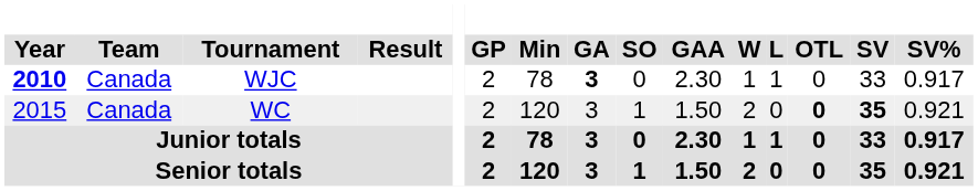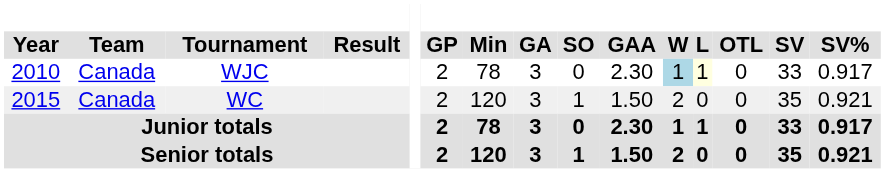 <table border="0" cellpadding="1" cellspacing="0" style="text-align:center; width:40em">
 <tr style="background:#e0e0e0;">
 <th colspan="4" style="background:#fff;"> </th>
 <th rowspan="99" style="background:#fff;"> </th>
 </tr>
 <tr style="background:#e0e0e0;">
 <th>Year</th>
 <th>Team</th>
 <th>Tournament</th>
 <th>Result</th>
 <th>GP</th>
 <th>Min</th>
 <th>GA</th>
 <th>SO</th>
 <th>GAA</th>
 <th>W</th>
 <th>L</th>
 <th>OTL</th>
 <th>SV</th>
 <th>SV%</th>
 </tr>
 <tr>
-<td><strong><a href='#'>2010</a></strong></td>
+<td><a href='#'>2010</a></td>
 <td><a href='#'>Canada</a></td>
 <td><a href='#'>WJC</a></td>
 <td></td>
 <td>2</td>
 <td>78</td>
-<td><strong>3</strong></td>
+<td>3</td>
 <td>0</td>
 <td>2.30</td>
-<td>1</td>
-<td>1</td>
+<td style="background: lightblue;">1</td>
+<td style="background: lightyellow;">1</td>
 <td>0</td>
 <td>33</td>
 <td>0.917</td>
 </tr>
 <tr style="background:#f0f0f0;">
 <td><a href='#'>2015</a></td>
 <td><a href='#'>Canada</a></td>
 <td><a href='#'>WC</a></td>
 <td></td>
 <td>2</td>
 <td>120</td>
 <td>3</td>
 <td>1</td>
 <td>1.50</td>
 <td>2</td>
 <td>0</td>
-<td><strong>0</strong></td>
-<td><strong>35</strong></td>
+<td>0</td>
+<td>35</td>
 <td>0.921</td>
 </tr>
 <tr style="background:#e0e0e0;">
 <th colspan="4">Junior totals</th>
 <th>2</th>
 <th>78</th>
 <th>3</th>
 <th>0</th>
 <th>2.30</th>
 <th>1</th>
 <th>1</th>
 <th>0</th>
 <th>33</th>
 <th>0.917</th>
 </tr>
 <tr style="background:#e0e0e0;">
 <th colspan="4">Senior totals</th>
 <th>2</th>
 <th>120</th>
 <th>3</th>
 <th>1</th>
 <th>1.50</th>
 <th>2</th>
 <th>0</th>
 <th>0</th>
 <th>35</th>
 <th>0.921</th>
 </tr>
 </table>
